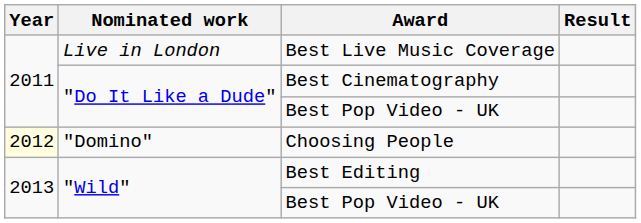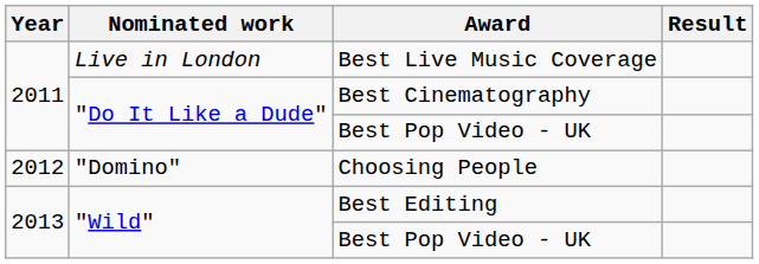 <table class="wikitable">
 <tr>
 <th>Year</th>
 <th>Nominated work</th>
 <th>Award</th>
 <th>Result</th>
 </tr>
 <tr>
 <td rowspan="3">2011</td>
 <td><em>Live in London</em></td>
 <td>Best Live Music  Coverage</td>
 <td></td>
 </tr>
 <tr>
 <td rowspan="2">"<a href='#'>Do It Like a Dude</a>"</td>
 <td>Best Cinematography</td>
 <td></td>
 </tr>
 <tr>
 <td>Best Pop Video - UK</td>
 <td></td>
 </tr>
 <tr>
-<td style="background: lightyellow;">2012</td>
+<td>2012</td>
 <td>"Domino"</td>
 <td>Choosing People</td>
 <td></td>
 </tr>
 <tr>
 <td rowspan="2">2013</td>
 <td rowspan="2">"<a href='#'>Wild</a>"</td>
 <td>Best Editing</td>
 <td></td>
 </tr>
 <tr>
 <td>Best Pop Video - UK</td>
 <td></td>
 </tr>
 </table>
